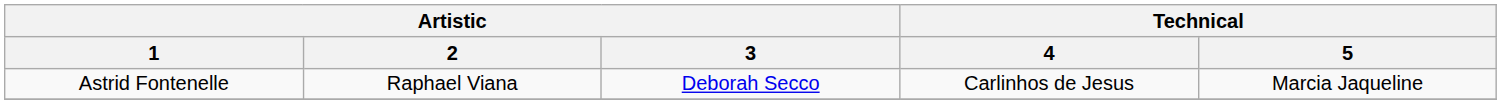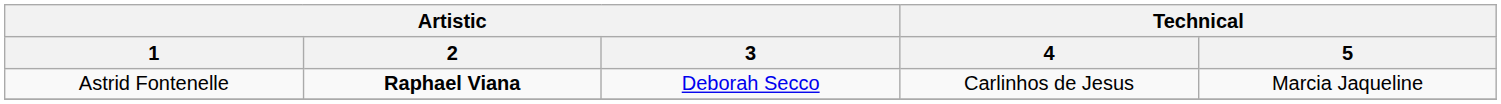 <table class="wikitable" style="font-size:90%; line-height:16px; text-align:center" width="85%">
 <tr>
 <th colspan=3>Artistic</th>
 <th colspan=2>Technical</th>
 </tr>
 <tr>
 <th>1</th>
 <th>2</th>
 <th>3</th>
 <th>4</th>
 <th>5</th>
 </tr>
 <tr>
 <td width=150>Astrid Fontenelle</td>
-<td width=150>Raphael Viana</td>
+<td width=150><strong>Raphael Viana</strong></td>
 <td width=150><a href='#'>Deborah Secco</a></td>
 <td width=150>Carlinhos de Jesus</td>
 <td width=150>Marcia Jaqueline</td>
 </tr>
 <tr>
 </tr>
 </table>
